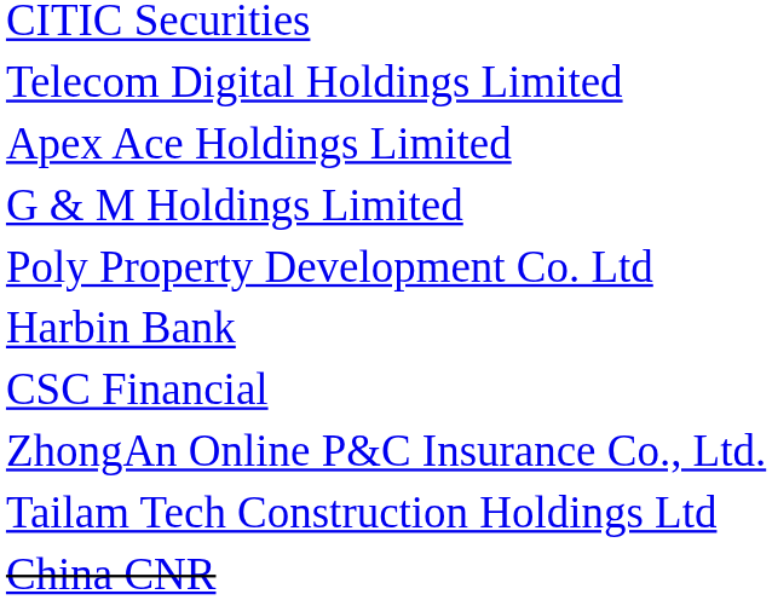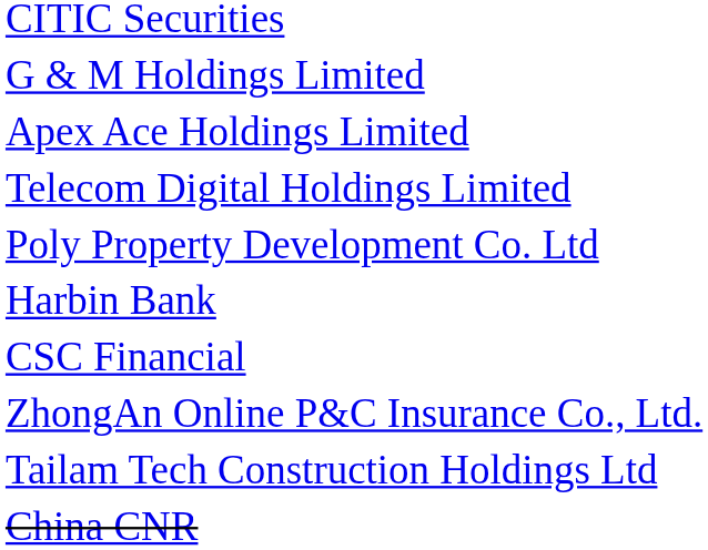 <table>
 <tr>
 <td> <a href='#'>CITIC Securities</a></td>
 </tr>
 <tr>
-<td> <a href='#'>Telecom Digital Holdings Limited</a></td>
+<td> <a href='#'>G & M Holdings Limited</a></td>
 </tr>
 <tr>
 <td> <a href='#'>Apex Ace Holdings Limited</a></td>
 </tr>
 <tr>
-<td> <a href='#'>G & M Holdings Limited</a></td>
+<td> <a href='#'>Telecom Digital Holdings Limited</a></td>
 </tr>
 <tr>
 <td> <a href='#'>Poly Property Development Co. Ltd</a></td>
 </tr>
 <tr>
 <td> <a href='#'>Harbin Bank</a></td>
 </tr>
 <tr>
 <td> <a href='#'>CSC Financial</a></td>
 </tr>
 <tr>
 <td> <a href='#'>ZhongAn Online P&C Insurance Co., Ltd.</a></td>
 </tr>
 <tr>
 <td> <a href='#'>Tailam Tech Construction Holdings Ltd</a></td>
 </tr>
 <tr>
 <td> <s><a href='#'>China CNR</a></s></td>
 </tr>
 </table>
